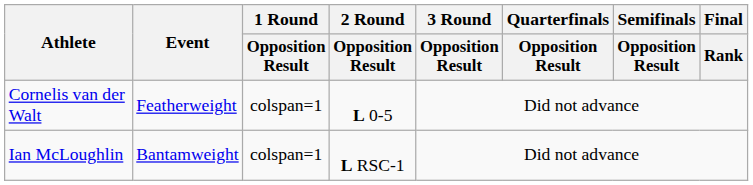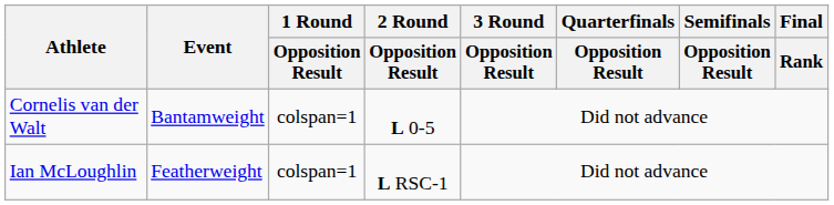 <table class="wikitable" style="font-size:90%">
 <tr>
 <th rowspan="2">Athlete</th>
 <th rowspan="2">Event</th>
 <th>1 Round</th>
 <th>2 Round</th>
 <th>3 Round</th>
 <th>Quarterfinals</th>
 <th>Semifinals</th>
 <th colspan=2>Final</th>
 </tr>
 <tr style="font-size:95%">
 <th>Opposition<br>Result</th>
 <th>Opposition<br>Result</th>
 <th>Opposition<br>Result</th>
 <th>Opposition<br>Result</th>
 <th>Opposition<br>Result</th>
 <th colspan=2>Rank</th>
 </tr>
 <tr align=center>
 <td align=left><a href='#'>Cornelis van der Walt</a></td>
-<td align=left><a href='#'>Featherweight</a></td>
+<td align=left><a href='#'>Bantamweight</a></td>
 <td>colspan=1 </td>
 <td><br><strong>L</strong> 0-5</td>
 <td colspan=5>Did not advance</td>
 </tr>
 <tr align=center>
 <td align=left><a href='#'>Ian McLoughlin</a></td>
-<td align=left><a href='#'>Bantamweight</a></td>
+<td align=left><a href='#'>Featherweight</a></td>
 <td>colspan=1 </td>
 <td><br><strong>L</strong> RSC-1</td>
 <td colspan=5>Did not advance</td>
 </tr>
 </table>
